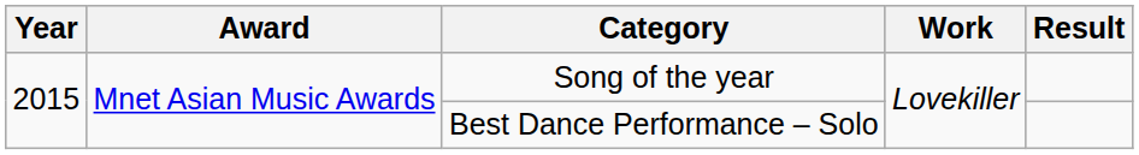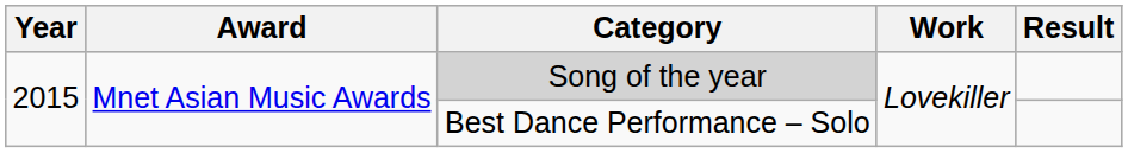 <table class="wikitable">
 <tr>
 <th>Year</th>
 <th>Award</th>
 <th>Category</th>
 <th>Work</th>
 <th>Result</th>
 </tr>
 <tr>
 <td rowspan="2">2015</td>
 <td style="text-align:center;" rowspan="2"><a href='#'>Mnet Asian Music Awards</a></td>
-<td style="text-align:center;">Song of the year</td>
+<td style="background: lightgrey; text-align:center;">Song of the year</td>
 <td rowspan="2"><em>Lovekiller</em></td>
 <td></td>
 </tr>
 <tr>
 <td style="text-align:center;">Best Dance Performance – Solo</td>
 <td></td>
 </tr>
 </table>
